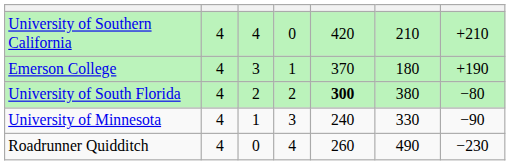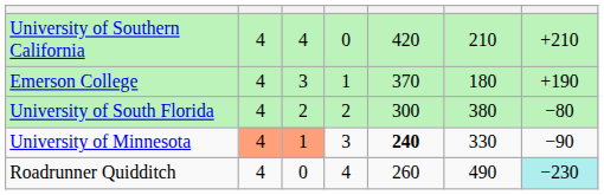 <table class="wikitable" style="text-align: center; font-size: 85%;">
 <tr>
 <th width=165></th>
 <th width=25></th>
 <th width=25></th>
 <th width=25></th>
 <th width=50></th>
 <th width=50></th>
 <th width=50></th>
 </tr>
 <tr style="background:#BBF3BB;">
 <td style="text-align:left;"><a href='#'>University of Southern California</a></td>
 <td>4</td>
 <td>4</td>
 <td>0</td>
 <td>420</td>
 <td>210</td>
 <td>+210</td>
 </tr>
 <tr style="background:#BBF3BB;">
 <td style="text-align:left;"><a href='#'>Emerson College</a></td>
 <td>4</td>
 <td>3</td>
 <td>1</td>
 <td>370</td>
 <td>180</td>
 <td>+190</td>
 </tr>
 <tr style="background:#BBF3BB;">
 <td style="text-align:left;"><a href='#'>University of South Florida</a></td>
 <td>4</td>
 <td>2</td>
 <td>2</td>
-<td><strong>300</strong></td>
+<td>300</td>
 <td>380</td>
 <td>−80</td>
 </tr>
 <tr>
 <td style="text-align:left;"><a href='#'>University of Minnesota</a></td>
-<td>4</td>
-<td>1</td>
+<td style="background: lightsalmon;">4</td>
+<td style="background: lightsalmon;">1</td>
 <td>3</td>
-<td>240</td>
+<td><strong>240</strong></td>
 <td>330</td>
 <td>−90</td>
 </tr>
 <tr>
 <td style="text-align:left;">Roadrunner Quidditch</td>
 <td>4</td>
 <td>0</td>
 <td>4</td>
 <td>260</td>
 <td>490</td>
-<td>−230</td>
+<td style="background: paleturquoise;">−230</td>
 </tr>
 </table>
